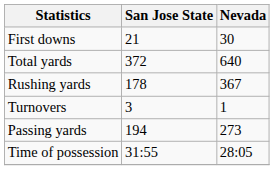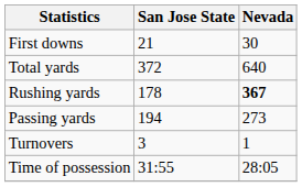 <table class="wikitable">
 <tr>
 <th>Statistics</th>
 <th>San Jose State</th>
 <th>Nevada</th>
 </tr>
 <tr>
 <td>First downs</td>
 <td>21</td>
 <td>30</td>
 </tr>
 <tr>
 <td>Total yards</td>
 <td>372</td>
 <td>640</td>
 </tr>
 <tr>
 <td>Rushing yards</td>
 <td>178</td>
-<td>367</td>
+<td><strong>367</strong></td>
+</tr>
+<tr>
+<td>Passing yards</td>
+<td>194</td>
+<td>273</td>
 </tr>
 <tr>
 <td>Turnovers</td>
 <td>3</td>
 <td>1</td>
-</tr>
-<tr>
-<td>Passing yards</td>
-<td>194</td>
-<td>273</td>
 </tr>
 <tr>
 <td>Time of possession</td>
 <td>31:55</td>
 <td>28:05</td>
 </tr>
 <tr>
 </tr>
 </table>
